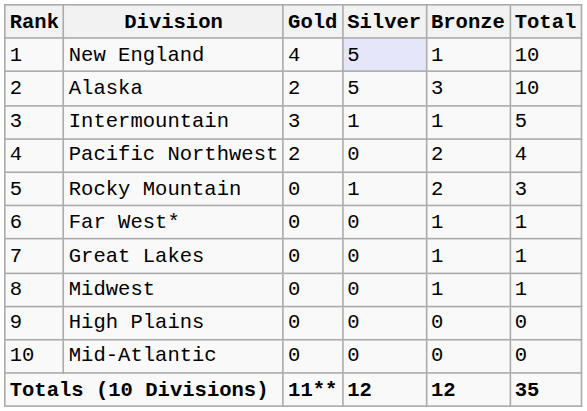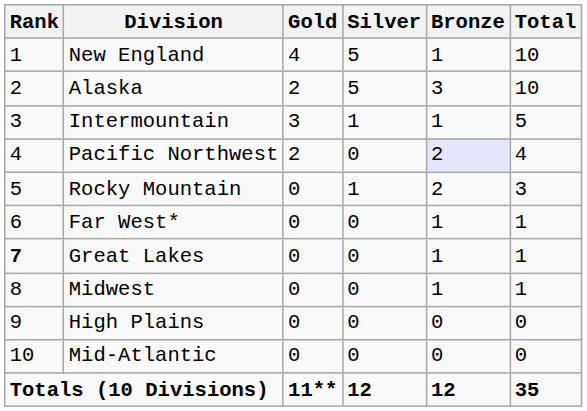 <table class="wikitable sortable">
 <tr>
 <th>Rank</th>
 <th>Division</th>
 <th>Gold</th>
 <th>Silver</th>
 <th>Bronze</th>
 <th>Total</th>
 </tr>
 <tr>
 <td>1</td>
 <td>New England</td>
 <td>4</td>
-<td style="background: lavender;">5</td>
+<td>5</td>
 <td>1</td>
 <td>10</td>
 </tr>
 <tr>
 <td>2</td>
 <td>Alaska</td>
 <td>2</td>
 <td>5</td>
 <td>3</td>
 <td>10</td>
 </tr>
 <tr>
 <td>3</td>
 <td>Intermountain</td>
 <td>3</td>
 <td>1</td>
 <td>1</td>
 <td>5</td>
 </tr>
 <tr>
 <td>4</td>
 <td>Pacific Northwest</td>
 <td>2</td>
 <td>0</td>
-<td>2</td>
+<td style="background: lavender;">2</td>
 <td>4</td>
 </tr>
 <tr>
 <td>5</td>
 <td>Rocky Mountain</td>
 <td>0</td>
 <td>1</td>
 <td>2</td>
 <td>3</td>
 </tr>
 <tr>
 <td>6</td>
 <td>Far West*</td>
 <td>0</td>
 <td>0</td>
 <td>1</td>
 <td>1</td>
 </tr>
 <tr>
-<td>7</td>
+<td><strong>7</strong></td>
 <td>Great Lakes</td>
 <td>0</td>
 <td>0</td>
 <td>1</td>
 <td>1</td>
 </tr>
 <tr>
 <td>8</td>
 <td>Midwest</td>
 <td>0</td>
 <td>0</td>
 <td>1</td>
 <td>1</td>
 </tr>
 <tr>
 <td>9</td>
 <td>High Plains</td>
 <td>0</td>
 <td>0</td>
 <td>0</td>
 <td>0</td>
 </tr>
 <tr>
 <td>10</td>
 <td>Mid-Atlantic</td>
 <td>0</td>
 <td>0</td>
 <td>0</td>
 <td>0</td>
 </tr>
 <tr>
 <td colspan="2"><strong>Totals (10 Divisions)</strong></td>
 <td><strong>11**</strong></td>
 <td><strong>12</strong></td>
 <td><strong>12</strong></td>
 <td><strong>35</strong></td>
 </tr>
 </table>
